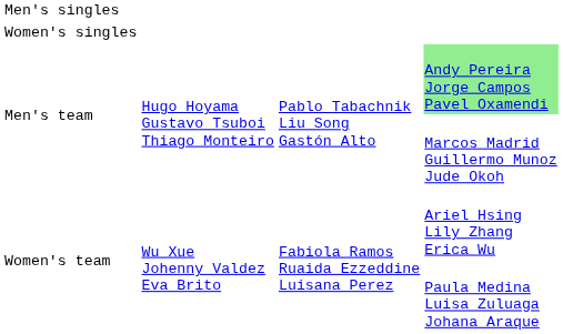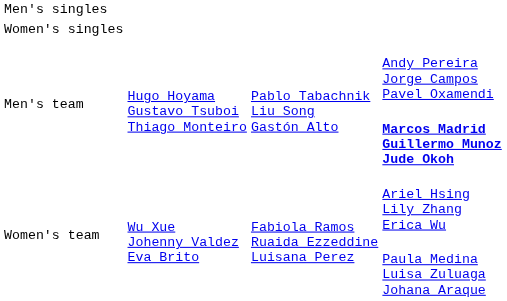 <table>
 <tr>
 <td rowspan=2>Men's singles <br></td>
 <td rowspan=2></td>
 <td rowspan=2></td>
 <td></td>
 </tr>
 <tr>
 <td></td>
 </tr>
 <tr>
 <td rowspan=2>Women's singles <br></td>
 <td rowspan=2></td>
 <td rowspan=2></td>
 <td></td>
 </tr>
 <tr>
 <td></td>
 </tr>
 <tr>
 <td rowspan=2>Men's team <br></td>
 <td rowspan=2><br><a href='#'>Hugo Hoyama</a><br><a href='#'>Gustavo Tsuboi</a><br><a href='#'>Thiago Monteiro</a></td>
 <td rowspan=2><br><a href='#'>Pablo Tabachnik</a><br><a href='#'>Liu Song</a><br><a href='#'>Gastón Alto</a></td>
-<td style="background: lightgreen;"><br><a href='#'>Andy Pereira</a><br><a href='#'>Jorge Campos</a><br><a href='#'>Pavel Oxamendi</a></td>
+<td><br><a href='#'>Andy Pereira</a><br><a href='#'>Jorge Campos</a><br><a href='#'>Pavel Oxamendi</a></td>
 </tr>
 <tr>
-<td><br><a href='#'>Marcos Madrid</a><br><a href='#'>Guillermo Munoz</a><br><a href='#'>Jude Okoh</a></td>
+<td><strong><br><a href='#'>Marcos Madrid</a><br><a href='#'>Guillermo Munoz</a><br><a href='#'>Jude Okoh</a></strong></td>
 </tr>
 <tr>
 <td rowspan=2>Women's team <br></td>
 <td rowspan=2><br><a href='#'>Wu Xue</a><br><a href='#'>Johenny Valdez</a><br><a href='#'>Eva Brito</a></td>
 <td rowspan=2><br><a href='#'>Fabiola Ramos</a><br><a href='#'>Ruaida Ezzeddine</a><br><a href='#'>Luisana Perez</a></td>
 <td><br><a href='#'>Ariel Hsing</a> <br> <a href='#'>Lily Zhang</a> <br> <a href='#'>Erica Wu</a></td>
 </tr>
 <tr>
 <td><br><a href='#'>Paula Medina</a> <br> <a href='#'>Luisa Zuluaga</a> <br> <a href='#'>Johana Araque</a></td>
 </tr>
 </table>
